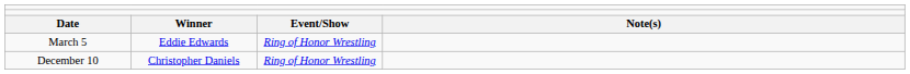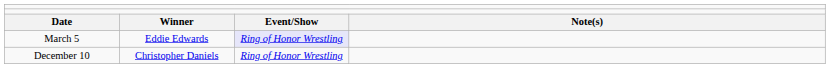 <table class="wikitable" style="text-align:center; width:100%;">
 <tr>
 <td colspan="5"></td>
 </tr>
 <tr>
 <td colspan="5"><strong></strong></td>
 </tr>
 <tr>
 <th width=14%>Date</th>
 <th width=14%>Winner</th>
 <th width=14%>Event/Show</th>
 <th width=58%>Note(s)</th>
 </tr>
 <tr>
 <td>March 5</td>
 <td><a href='#'>Eddie Edwards</a></td>
-<td><em><a href='#'>Ring of Honor Wrestling</a></em></td>
+<td style="background: lavender;"><em><a href='#'>Ring of Honor Wrestling</a></em></td>
 <td align="left"></td>
 </tr>
 <tr>
 <td>December 10</td>
 <td><a href='#'>Christopher Daniels</a></td>
 <td><em><a href='#'>Ring of Honor Wrestling</a></em></td>
 <td align="left"></td>
 </tr>
 </table>
